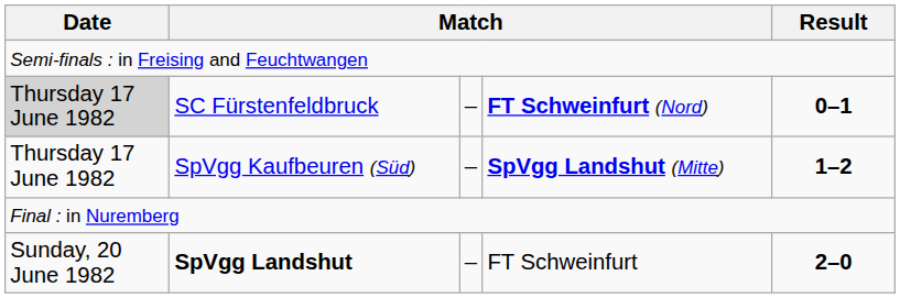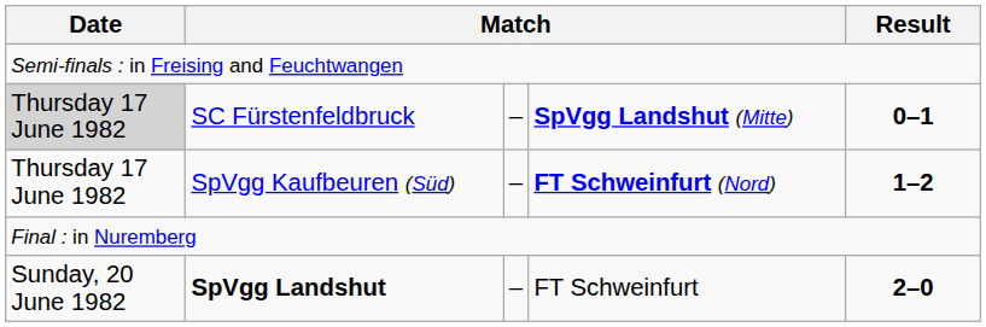 <table class="wikitable">
 <tr>
 <th width="110">Date</th>
 <th colspan="3">Match</th>
 <th width="80">Result</th>
 </tr>
 <tr>
 <td colspan="5"><small><em>Semi-finals :</em> in <a href='#'>Freising</a> and <a href='#'>Feuchtwangen</a></small></td>
 </tr>
 <tr>
 <td style="background: lightgrey;">Thursday 17 June 1982</td>
 <td width="200"><a href='#'>SC Fürstenfeldbruck</a></td>
 <td>–</td>
-<td><strong><a href='#'>FT Schweinfurt</a></strong> <small><em>(<a href='#'>Nord</a>)</em></small></td>
+<td width="200"><strong><a href='#'>SpVgg Landshut</a></strong> <small><em>(<a href='#'>Mitte</a>)</em></small></td>
 <td align="center"><strong>0–1</strong></td>
 </tr>
 <tr>
 <td>Thursday 17 June 1982</td>
 <td><a href='#'>SpVgg Kaufbeuren</a> <small><em>(<a href='#'>Süd</a>)</em></small></td>
 <td>–</td>
-<td width="200"><strong><a href='#'>SpVgg Landshut</a></strong> <small><em>(<a href='#'>Mitte</a>)</em></small></td>
+<td><strong><a href='#'>FT Schweinfurt</a></strong> <small><em>(<a href='#'>Nord</a>)</em></small></td>
 <td align="center"><strong>1–2</strong></td>
 </tr>
 <tr>
 <td colspan="5"><small><em>Final :</em> in <a href='#'>Nuremberg</a></small></td>
 </tr>
 <tr>
 <td>Sunday, 20 June 1982</td>
 <td><strong>SpVgg Landshut</strong></td>
 <td>–</td>
 <td>FT Schweinfurt</td>
 <td align="center"><strong>2–0</strong></td>
 </tr>
 </table>
